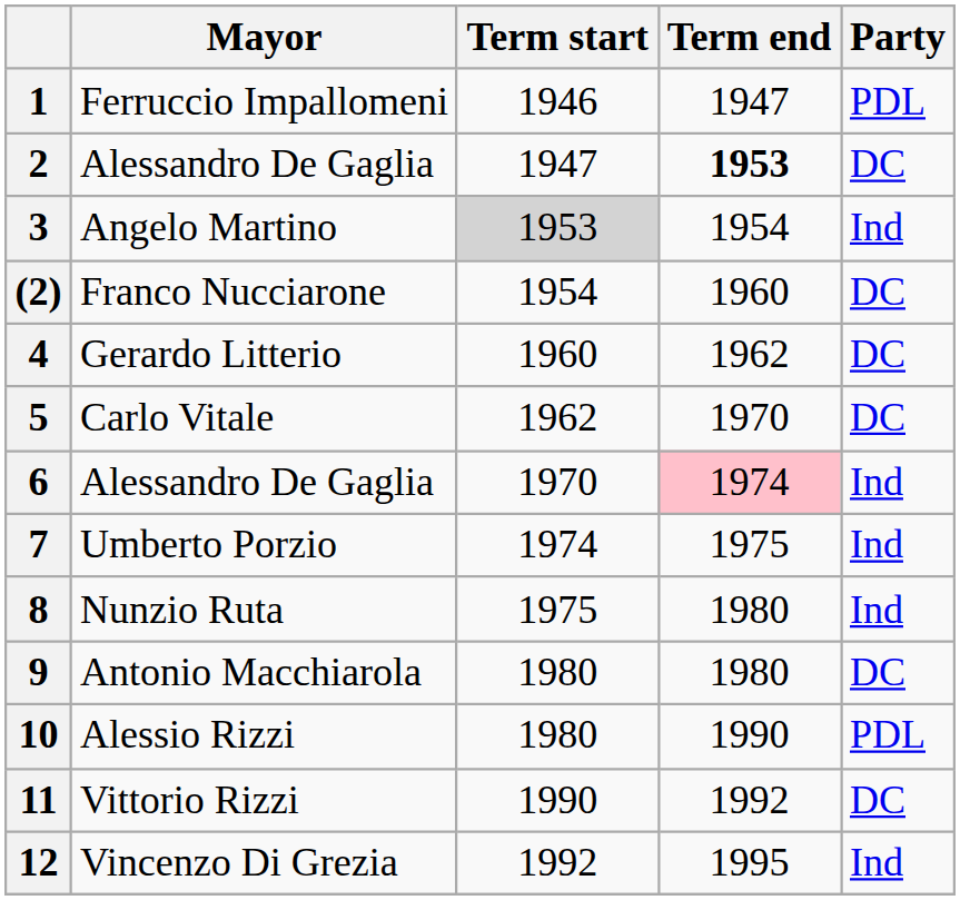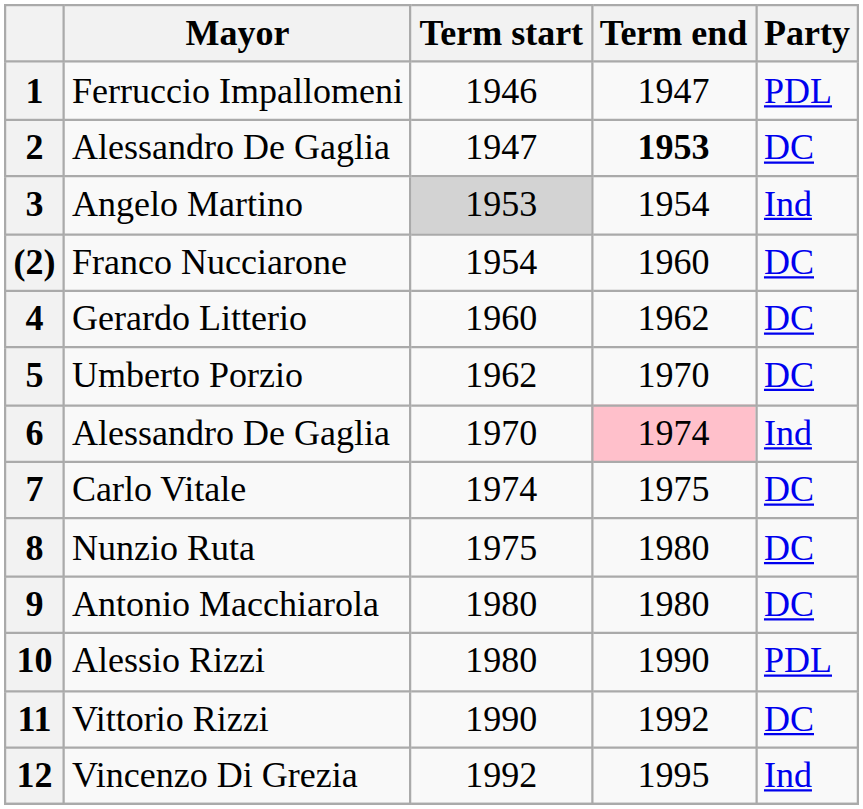 <table class="wikitable">
 <tr>
 <th class=unsortable> </th>
 <th>Mayor</th>
 <th>Term start</th>
 <th>Term end</th>
 <th>Party</th>
 </tr>
 <tr>
 <th style="background:">1</th>
 <td>Ferruccio Impallomeni</td>
 <td align=center>1946</td>
 <td align=center>1947</td>
 <td><a href='#'>PDL</a></td>
 </tr>
 <tr>
 <th style="background:">2</th>
 <td>Alessandro De Gaglia</td>
 <td align=center>1947</td>
 <td align=center><strong>1953</strong></td>
 <td><a href='#'>DC</a></td>
 </tr>
 <tr>
 <th style="background:">3</th>
 <td>Angelo Martino</td>
 <td align=center style="background: lightgrey;">1953</td>
 <td align=center>1954</td>
 <td><a href='#'>Ind</a></td>
 </tr>
 <tr>
 <th style="background:">(2)</th>
 <td>Franco Nucciarone</td>
 <td align=center>1954</td>
 <td align=center>1960</td>
 <td><a href='#'>DC</a></td>
 </tr>
 <tr>
 <th style="background:">4</th>
 <td>Gerardo Litterio</td>
 <td align=center>1960</td>
 <td align=center>1962</td>
 <td><a href='#'>DC</a></td>
 </tr>
 <tr>
 <th style="background:">5</th>
-<td>Carlo Vitale</td>
+<td>Umberto Porzio</td>
 <td align=center>1962</td>
 <td align=center>1970</td>
 <td><a href='#'>DC</a></td>
 </tr>
 <tr>
 <th style="background:">6</th>
 <td>Alessandro De Gaglia</td>
 <td align=center>1970</td>
 <td align=center style="background: pink;">1974</td>
 <td><a href='#'>Ind</a></td>
 </tr>
 <tr>
 <th style="background:">7</th>
-<td>Umberto Porzio</td>
+<td>Carlo Vitale</td>
 <td align=center>1974</td>
 <td align=center>1975</td>
-<td><a href='#'>Ind</a></td>
+<td><a href='#'>DC</a></td>
 </tr>
 <tr>
 <th style="background:">8</th>
 <td>Nunzio Ruta</td>
 <td align=center>1975</td>
 <td align=center>1980</td>
-<td><a href='#'>Ind</a></td>
+<td><a href='#'>DC</a></td>
 </tr>
 <tr>
 <th style="background:">9</th>
 <td>Antonio Macchiarola</td>
 <td align=center>1980</td>
 <td align=center>1980</td>
 <td><a href='#'>DC</a></td>
 </tr>
 <tr>
 <th style="background:">10</th>
 <td>Alessio Rizzi</td>
 <td align=center>1980</td>
 <td align=center>1990</td>
 <td><a href='#'>PDL</a></td>
 </tr>
 <tr>
 <th style="background:">11</th>
 <td>Vittorio Rizzi</td>
 <td align=center>1990</td>
 <td align=center>1992</td>
 <td><a href='#'>DC</a></td>
 </tr>
 <tr>
 <th style="background:">12</th>
 <td>Vincenzo Di Grezia</td>
 <td align=center>1992</td>
 <td align=center>1995</td>
 <td><a href='#'>Ind</a></td>
 </tr>
 <tr>
 </tr>
 </table>
